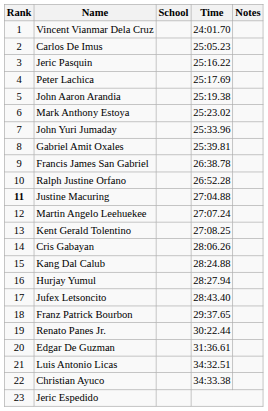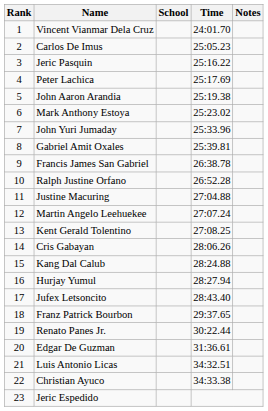 <table class="wikitable sortable" style="text-align:center">
 <tr>
 <th>Rank</th>
 <th>Name</th>
 <th>School</th>
 <th>Time</th>
 <th>Notes</th>
 </tr>
 <tr>
 <td>1</td>
 <td align=left>Vincent Vianmar Dela Cruz</td>
 <td align=left></td>
 <td>24:01.70</td>
 <td></td>
 </tr>
 <tr>
 <td>2</td>
 <td align=left>Carlos De Imus</td>
 <td align=left></td>
 <td>25:05.23</td>
 <td></td>
 </tr>
 <tr>
 <td>3</td>
 <td align=left>Jeric Pasquin</td>
 <td align=left></td>
 <td>25:16.22</td>
 <td></td>
 </tr>
 <tr>
 <td>4</td>
 <td align=left>Peter Lachica</td>
 <td align=left></td>
 <td>25:17.69</td>
 <td></td>
 </tr>
 <tr>
 <td>5</td>
 <td align=left>John Aaron Arandia</td>
 <td align=left></td>
 <td>25:19.38</td>
 <td></td>
 </tr>
 <tr>
 <td>6</td>
 <td align=left>Mark Anthony Estoya</td>
 <td align=left></td>
 <td>25:23.02</td>
 <td></td>
 </tr>
 <tr>
 <td>7</td>
 <td align=left>John Yuri Jumaday</td>
 <td align=left></td>
 <td>25:33.96</td>
 <td></td>
 </tr>
 <tr>
 <td>8</td>
 <td align=left>Gabriel Amit Oxales</td>
 <td align=left></td>
 <td>25:39.81</td>
 <td></td>
 </tr>
 <tr>
 <td>9</td>
 <td align=left>Francis James San Gabriel</td>
 <td align=left></td>
 <td>26:38.78</td>
 <td></td>
 </tr>
 <tr>
 <td>10</td>
 <td align=left>Ralph Justine Orfano</td>
 <td align=left></td>
 <td>26:52.28</td>
 <td></td>
 </tr>
 <tr>
-<td><strong>11</strong></td>
+<td>11</td>
 <td align=left>Justine Macuring</td>
 <td align=left></td>
 <td>27:04.88</td>
 <td></td>
 </tr>
 <tr>
 <td>12</td>
 <td align=left>Martin Angelo Leehuekee</td>
 <td align=left></td>
 <td>27:07.24</td>
 <td></td>
 </tr>
 <tr>
 <td>13</td>
 <td align=left>Kent Gerald Tolentino</td>
 <td align=left></td>
 <td>27:08.25</td>
 <td></td>
 </tr>
 <tr>
 <td>14</td>
 <td align=left>Cris Gabayan</td>
 <td align=left></td>
 <td>28:06.26</td>
 <td></td>
 </tr>
 <tr>
 <td>15</td>
 <td align=left>Kang Dal Calub</td>
 <td align=left></td>
 <td>28:24.88</td>
 <td></td>
 </tr>
 <tr>
 <td>16</td>
 <td align=left>Hurjay Yumul</td>
 <td></td>
 <td>28:27.94</td>
 <td></td>
 </tr>
 <tr>
 <td>17</td>
 <td align=left>Jufex Letsoncito</td>
 <td align=left></td>
 <td>28:43.40</td>
 <td></td>
 </tr>
 <tr>
 <td>18</td>
 <td align=left>Franz Patrick Bourbon</td>
 <td align=left></td>
 <td>29:37.65</td>
 <td></td>
 </tr>
 <tr>
 <td>19</td>
 <td align=left>Renato Panes Jr.</td>
 <td align=left></td>
 <td>30:22.44</td>
 <td></td>
 </tr>
 <tr>
 <td>20</td>
 <td align=left>Edgar De Guzman</td>
 <td align=left></td>
 <td>31:36.61</td>
 <td></td>
 </tr>
 <tr>
 <td>21</td>
 <td align=left>Luis Antonio Licas</td>
 <td align=left></td>
 <td>34:32.51</td>
 <td></td>
 </tr>
 <tr>
 <td>22</td>
 <td align=left>Christian Ayuco</td>
 <td></td>
 <td>34:33.38</td>
 <td></td>
 </tr>
 <tr>
 <td>23</td>
 <td align=left>Jeric Espedido</td>
 <td></td>
 <td colspan=2></td>
 </tr>
 </table>
